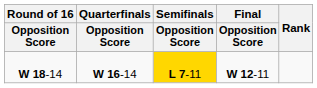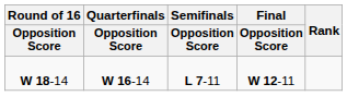 <table class=wikitable style="font-size:90%">
 <tr>
 <th>Round of 16</th>
 <th>Quarterfinals</th>
 <th>Semifinals</th>
 <th>Final</th>
 <th rowspan=2>Rank</th>
 </tr>
 <tr style="font-size:95%">
 <th>Opposition<br>Score</th>
 <th>Opposition<br>Score</th>
 <th>Opposition<br>Score</th>
 <th>Opposition<br>Score</th>
 </tr>
 <tr align=center>
 <td><br><strong>W</strong>  <strong>18</strong>-14</td>
 <td><br><strong>W</strong>  <strong>16</strong>-14</td>
-<td style="background: gold;"><br><strong>L</strong>  <strong>7</strong>-11</td>
+<td><br><strong>L</strong>  <strong>7</strong>-11</td>
 <td><br><strong>W</strong>  <strong>12</strong>-11</td>
 <td></td>
 </tr>
 </table>
